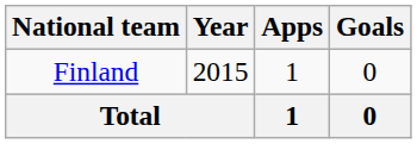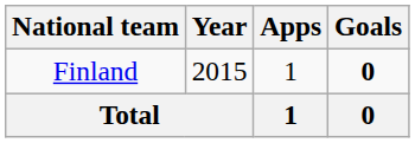 <table class="wikitable" style="text-align:center">
 <tr>
 <th>National team</th>
 <th>Year</th>
 <th>Apps</th>
 <th>Goals</th>
 </tr>
 <tr>
 <td rowspan="1"><a href='#'>Finland</a></td>
 <td>2015</td>
 <td>1</td>
-<td>0</td>
+<td><strong>0</strong></td>
 </tr>
 <tr>
 <th colspan="2">Total</th>
 <th>1</th>
 <th>0</th>
 </tr>
 </table>
